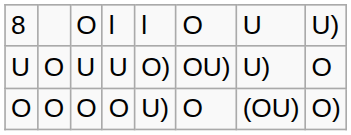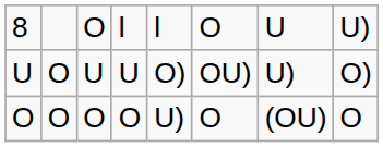 <table class="wikitable" align="center" style="margin-left:1em;">
 <tr>
 <td>8</td>
 <td></td>
 <td>O</td>
 <td>l</td>
 <td>l</td>
 <td>O</td>
 <td>U</td>
 <td (>U)</td>
 </tr>
 <tr>
 <td>U</td>
 <td>O</td>
 <td>U</td>
 <td>U</td>
 <td (>O)</td>
 <td (>OU)</td>
 <td (>U)</td>
-<td>O</td>
+<td (>O)</td>
 </tr>
 <tr>
 <td>O</td>
 <td>O</td>
 <td>O</td>
 <td>O</td>
 <td (>U)</td>
 <td>O</td>
 <td>(OU)</td>
-<td (>O)</td>
+<td>O</td>
 </tr>
 </table>
